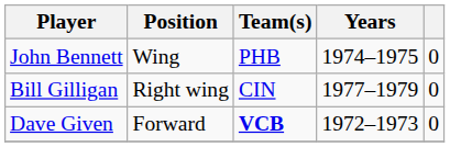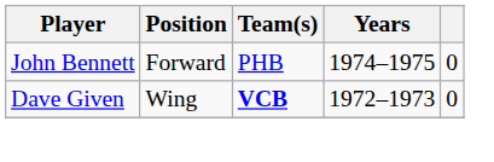 <table class="wikitable">
 <tr>
 <th>Player</th>
 <th>Position</th>
 <th>Team(s)</th>
 <th>Years</th>
 <th><a href='#'></a></th>
 </tr>
 <tr>
 <td><a href='#'>John Bennett</a></td>
-<td>Wing</td>
+<td>Forward</td>
 <td><a href='#'>PHB</a></td>
 <td>1974–1975</td>
 <td>0</td>
 </tr>
 <tr>
-<td><a href='#'>Bill Gilligan</a></td>
-<td>Right wing</td>
-<td><a href='#'>CIN</a></td>
-<td>1977–1979</td>
-<td>0</td>
-</tr>
-<tr>
 <td><a href='#'>Dave Given</a></td>
-<td>Forward</td>
+<td>Wing</td>
 <td><strong><a href='#'>VCB</a></strong></td>
 <td>1972–1973</td>
 <td>0</td>
 </tr>
 <tr>
 </tr>
 </table>
